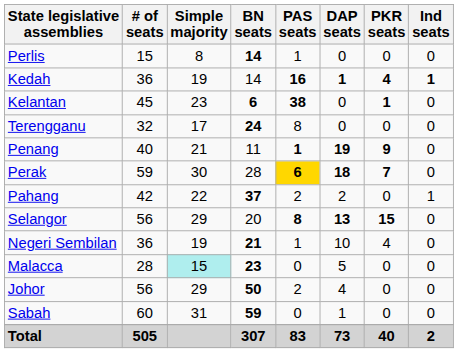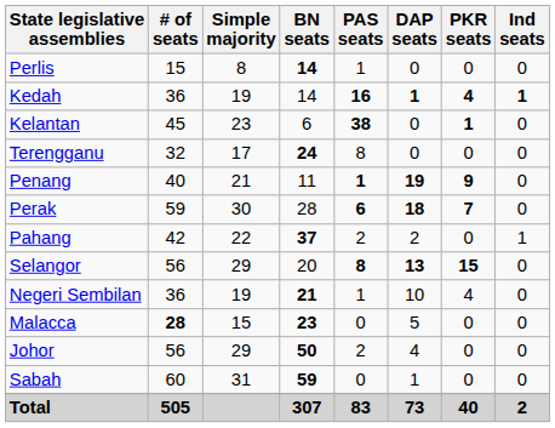 <table class="wikitable sortable" style="text-align:center">
 <tr>
 <th>State legislative<br>assemblies</th>
 <th># of<br>seats</th>
 <th>Simple<br>majority</th>
 <th>BN<br>seats</th>
 <th>PAS<br>seats</th>
 <th>DAP<br>seats</th>
 <th>PKR<br>seats</th>
 <th>Ind<br>seats</th>
 </tr>
 <tr>
 <td style="text-align:left"> <a href='#'>Perlis</a></td>
 <td>15</td>
 <td>8</td>
 <td><strong>14</strong></td>
 <td>1</td>
 <td>0</td>
 <td>0</td>
 <td>0</td>
 </tr>
 <tr>
 <td style="text-align:left"> <a href='#'>Kedah</a></td>
 <td>36</td>
 <td>19</td>
 <td>14</td>
 <td><strong>16</strong></td>
 <td><strong>1</strong></td>
 <td><strong>4</strong></td>
 <td><strong>1</strong></td>
 </tr>
 <tr>
 <td style="text-align:left"> <a href='#'>Kelantan</a></td>
 <td>45</td>
 <td>23</td>
-<td><strong>6</strong></td>
+<td>6</td>
 <td><strong>38</strong></td>
 <td>0</td>
 <td><strong>1</strong></td>
 <td>0</td>
 </tr>
 <tr>
 <td style="text-align:left"> <a href='#'>Terengganu</a></td>
 <td>32</td>
 <td>17</td>
 <td><strong>24</strong></td>
 <td>8</td>
 <td>0</td>
 <td>0</td>
 <td>0</td>
 </tr>
 <tr>
 <td style="text-align:left"> <a href='#'>Penang</a></td>
 <td>40</td>
 <td>21</td>
 <td>11</td>
 <td><strong>1</strong></td>
 <td><strong>19</strong></td>
 <td><strong>9</strong></td>
 <td>0</td>
 </tr>
 <tr>
 <td style="text-align:left"> <a href='#'>Perak</a></td>
 <td>59</td>
 <td>30</td>
 <td>28</td>
-<td style="background: gold;"><strong>6</strong></td>
+<td><strong>6</strong></td>
 <td><strong>18</strong></td>
 <td><strong>7</strong></td>
 <td>0</td>
 </tr>
 <tr>
 <td style="text-align:left"> <a href='#'>Pahang</a></td>
 <td>42</td>
 <td>22</td>
 <td><strong>37</strong></td>
 <td>2</td>
 <td>2</td>
 <td>0</td>
 <td>1</td>
 </tr>
 <tr>
 <td style="text-align:left"> <a href='#'>Selangor</a></td>
 <td>56</td>
 <td>29</td>
 <td>20</td>
 <td><strong>8</strong></td>
 <td><strong>13</strong></td>
 <td><strong>15</strong></td>
 <td>0</td>
 </tr>
 <tr>
 <td style="text-align:left"> <a href='#'>Negeri Sembilan</a></td>
 <td>36</td>
 <td>19</td>
 <td><strong>21</strong></td>
 <td>1</td>
 <td>10</td>
 <td>4</td>
 <td>0</td>
 </tr>
 <tr>
 <td style="text-align:left"> <a href='#'>Malacca</a></td>
-<td>28</td>
-<td style="background: paleturquoise;">15</td>
+<td><strong>28</strong></td>
+<td>15</td>
 <td><strong>23</strong></td>
 <td>0</td>
 <td>5</td>
 <td>0</td>
 <td>0</td>
 </tr>
 <tr>
 <td style="text-align:left"> <a href='#'>Johor</a></td>
 <td>56</td>
 <td>29</td>
 <td><strong>50</strong></td>
 <td>2</td>
 <td>4</td>
 <td>0</td>
 <td>0</td>
 </tr>
 <tr>
 <td style="text-align:left"> <a href='#'>Sabah</a></td>
 <td>60</td>
 <td>31</td>
 <td><strong>59</strong></td>
 <td>0</td>
 <td>1</td>
 <td>0</td>
 <td>0</td>
 </tr>
 <tr>
 </tr>
 <tr class="sortbottom" style="background:lightgrey;">
 <td style="text-align:left"><strong>Total</strong></td>
 <td><strong>505</strong></td>
 <td></td>
 <td><span><strong>307</strong></span></td>
 <td><span><strong>83</strong></span></td>
 <td><span><strong>73</strong></span></td>
 <td><span><strong>40</strong></span></td>
 <td><span><strong>2</strong></span></td>
 </tr>
 </table>
